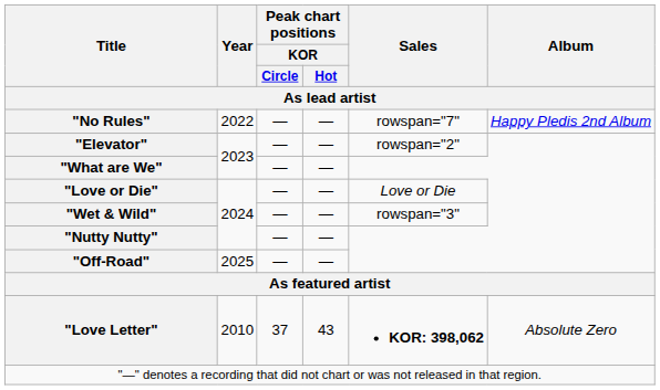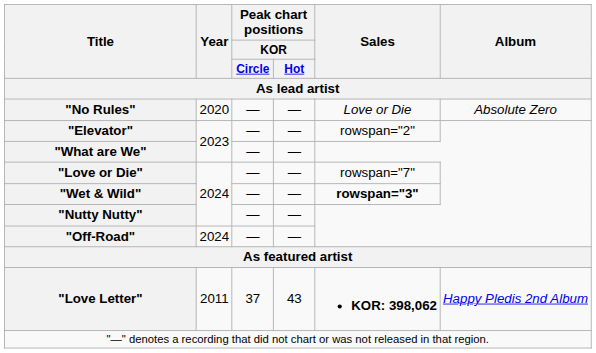 <table class="wikitable plainrowheaders" style="text-align:center;">
 <tr>
 <th scope="col" rowspan="3" style="width:14em;">Title</th>
 <th scope="col" rowspan="3">Year</th>
 <th scope="col" colspan="2">Peak chart<br>positions</th>
 <th scope="col" rowspan="3">Sales</th>
 <th scope="col" rowspan="3">Album</th>
 </tr>
 <tr>
 <th scope="col" colspan="2" style="font-size:90%">KOR</th>
 </tr>
 <tr>
 <th scope="col" style="width:3em;font-size:90%;"><a href='#'>Circle</a><br></th>
 <th scope="col" style="width:3em;font-size:90%;"><a href='#'>Hot</a><br></th>
 </tr>
 <tr>
 <th colspan="6">As lead artist</th>
 </tr>
 <tr>
 <th scope="row">"No Rules"</th>
-<td>2022</td>
+<td>2020</td>
 <td>—</td>
 <td>—</td>
-<td>rowspan="7" </td>
-<td><em><a href='#'>Happy Pledis 2nd Album</a></em></td>
+<td><em>Love or Die</em></td>
+<td><em>Absolute Zero</em></td>
 </tr>
 <tr>
 <th scope="row">"Elevator"</th>
 <td rowspan="2">2023</td>
 <td>—</td>
 <td>—</td>
 <td>rowspan="2" </td>
 </tr>
 <tr>
 <th scope="row">"What are We"<br></th>
 <td>—</td>
 <td>—</td>
 </tr>
 <tr>
 <th scope="row">"Love or Die"<br></th>
 <td rowspan="3">2024</td>
 <td>—</td>
 <td>—</td>
-<td><em>Love or Die</em></td>
+<td>rowspan="7" </td>
 </tr>
 <tr>
 <th scope="row">"Wet & Wild"</th>
 <td>—</td>
 <td>—</td>
-<td>rowspan="3" </td>
+<td><strong>rowspan="3" </strong></td>
 </tr>
 <tr>
 <th scope="row">"Nutty Nutty"<br></th>
 <td>—</td>
 <td>—</td>
 </tr>
 <tr>
 <th scope="row">"Off-Road"</th>
-<td>2025</td>
+<td>2024</td>
 <td>—</td>
 <td>—</td>
 </tr>
 <tr>
 <th colspan="6">As featured artist</th>
 </tr>
 <tr>
 <th scope="row">"Love Letter"<br></th>
-<td>2010</td>
+<td>2011</td>
 <td>37</td>
 <td>43</td>
 <td><strong><br><ul><li>KOR: 398,062</li></ul></strong></td>
-<td><em>Absolute Zero</em></td>
+<td><em><a href='#'>Happy Pledis 2nd Album</a></em></td>
 </tr>
 <tr>
 <td colspan="6" style="font-size:85%">"—" denotes a recording that did not chart or was not released in that region.</td>
 </tr>
 </table>
